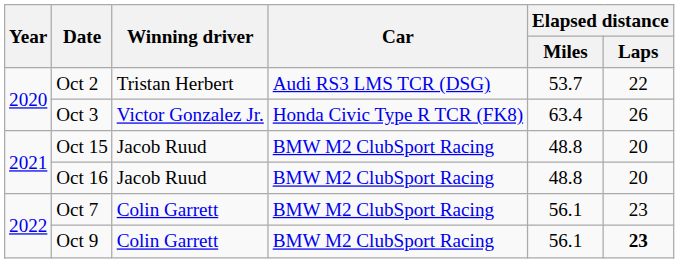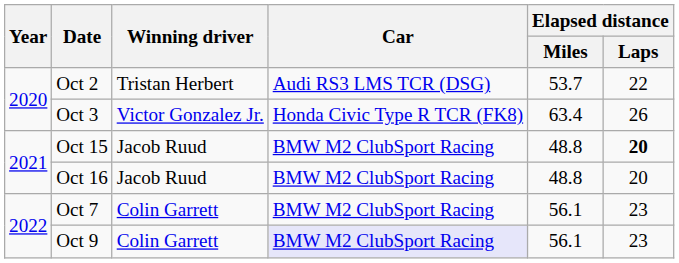 <table class="wikitable" style="font-size: 95%;">
 <tr>
 <th rowspan="2" style="text-align:center">Year</th>
 <th rowspan="2" style="text-align:center">Date</th>
 <th rowspan="2" style="text-align:center">Winning driver</th>
 <th rowspan="2" style="text-align:center">Car</th>
 <th colspan="2" style="text-align:center">Elapsed distance</th>
 </tr>
 <tr>
 <th style="text-align:center">Miles</th>
 <th style="text-align:center">Laps</th>
 </tr>
 <tr>
 <td rowspan="2"><a href='#'>2020</a></td>
 <td>Oct 2</td>
 <td> Tristan Herbert</td>
 <td><a href='#'>Audi RS3 LMS TCR (DSG)</a></td>
 <td style="text-align:center">53.7</td>
 <td style="text-align:center">22</td>
 </tr>
 <tr>
 <td>Oct 3</td>
 <td> <a href='#'>Victor Gonzalez Jr.</a></td>
 <td><a href='#'>Honda Civic Type R TCR (FK8)</a></td>
 <td style="text-align:center">63.4</td>
 <td style="text-align:center">26</td>
 </tr>
 <tr>
 <td rowspan="2"><a href='#'>2021</a></td>
 <td>Oct 15</td>
 <td> Jacob Ruud</td>
 <td><a href='#'>BMW M2 ClubSport Racing</a></td>
 <td style="text-align:center">48.8</td>
-<td style="text-align:center">20</td>
+<td style="text-align:center"><strong>20</strong></td>
 </tr>
 <tr>
 <td>Oct 16</td>
 <td> Jacob Ruud</td>
 <td><a href='#'>BMW M2 ClubSport Racing</a></td>
 <td style="text-align:center">48.8</td>
 <td style="text-align:center">20</td>
 </tr>
 <tr>
 <td rowspan="2"><a href='#'>2022</a></td>
 <td>Oct 7</td>
 <td> <a href='#'>Colin Garrett</a></td>
 <td><a href='#'>BMW M2 ClubSport Racing</a></td>
 <td style="text-align:center">56.1</td>
 <td style="text-align:center">23</td>
 </tr>
 <tr>
 <td>Oct 9</td>
 <td> <a href='#'>Colin Garrett</a></td>
-<td><a href='#'>BMW M2 ClubSport Racing</a></td>
+<td style="background: lavender;"><a href='#'>BMW M2 ClubSport Racing</a></td>
 <td style="text-align:center">56.1</td>
-<td style="text-align:center"><strong>23</strong></td>
+<td style="text-align:center">23</td>
 </tr>
 </table>
